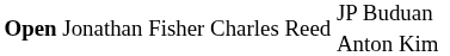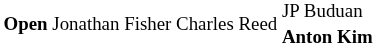 <table>
 <tr>
 <th scope=row rowspan=2>Open</th>
 <td rowspan=2> Jonathan Fisher</td>
 <td rowspan=2> Charles Reed</td>
 <td> JP Buduan</td>
 </tr>
 <tr>
-<td> Anton Kim</td>
+<td><strong> Anton Kim</strong></td>
 </tr>
 <tr>
 </tr>
 </table>
